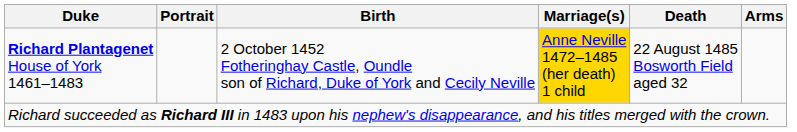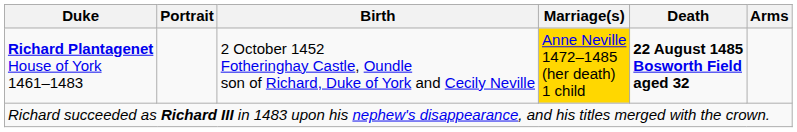 <table class="wikitable">
 <tr>
 <th>Duke</th>
 <th>Portrait</th>
 <th>Birth</th>
 <th>Marriage(s)</th>
 <th>Death</th>
 <th>Arms</th>
 </tr>
 <tr>
 <td><strong><a href='#'>Richard Plantagenet</a></strong><br><a href='#'>House of York</a><br>1461–1483</td>
 <td></td>
 <td>2 October 1452<br><a href='#'>Fotheringhay Castle</a>, <a href='#'>Oundle</a><br>son of <a href='#'>Richard, Duke of York</a> and <a href='#'>Cecily Neville</a></td>
 <td style="background: gold;"><a href='#'>Anne Neville</a><br>1472–1485<br>(her death)<br>1 child</td>
-<td>22 August 1485<br><a href='#'>Bosworth Field</a><br>aged 32</td>
+<td><strong>22 August 1485<br><a href='#'>Bosworth Field</a><br>aged 32</strong></td>
 <td></td>
 </tr>
 <tr>
 <td colspan="6"><em>Richard succeeded as <strong>Richard III</strong> in 1483 upon his <a href='#'>nephew's disappearance</a>, and his titles merged with the crown.</em></td>
 </tr>
 </table>
